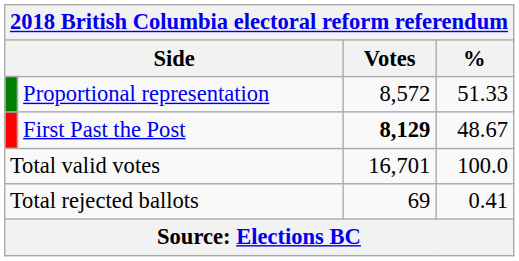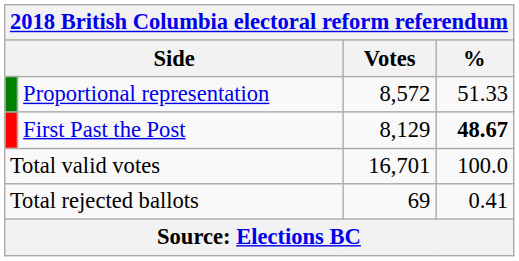 <table class="wikitable">
 <tr>
 <th colspan=4><a href='#'>2018 British Columbia electoral reform referendum</a></th>
 </tr>
 <tr>
 <th colspan=2>Side</th>
 <th>Votes</th>
 <th>%</th>
 </tr>
 <tr>
 <td bgcolor="green"></td>
 <td><a href='#'>Proportional representation</a></td>
 <td align="right">8,572</td>
 <td align="right">51.33</td>
 </tr>
 <tr>
 <td bgcolor="red"></td>
 <td><a href='#'>First Past the Post</a></td>
-<td align="right"><strong>8,129</strong></td>
-<td align="right">48.67</td>
+<td align="right">8,129</td>
+<td align="right"><strong>48.67</strong></td>
 </tr>
 <tr>
 <td colspan=2>Total valid votes</td>
 <td align="right">16,701</td>
 <td align="right">100.0</td>
 </tr>
 <tr>
 <td colspan="2">Total rejected ballots</td>
 <td align="right">69</td>
 <td align="right">0.41</td>
 </tr>
 <tr>
 <th colspan="4">Source: <a href='#'>Elections BC</a></th>
 </tr>
 </table>
